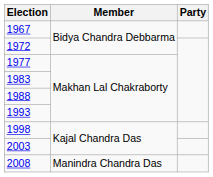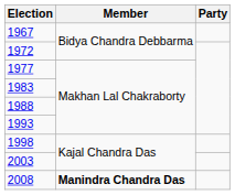 <table class="wikitable sortable">
 <tr>
 <th>Election</th>
 <th>Member</th>
 <th colspan=2>Party</th>
 </tr>
 <tr>
 <td><a href='#'>1967</a></td>
 <td rowspan=2>Bidya Chandra Debbarma</td>
 <td></td>
 </tr>
 <tr>
 <td><a href='#'>1972</a></td>
 </tr>
 <tr>
 <td><a href='#'>1977</a></td>
 <td rowspan=4>Makhan Lal Chakraborty</td>
 </tr>
 <tr>
 <td><a href='#'>1983</a></td>
 </tr>
 <tr>
 <td><a href='#'>1988</a></td>
 </tr>
 <tr>
 <td><a href='#'>1993</a></td>
 </tr>
 <tr>
 <td><a href='#'>1998</a></td>
 <td rowspan=2>Kajal Chandra Das</td>
 <td></td>
 </tr>
 <tr>
 <td><a href='#'>2003</a></td>
 <td></td>
 </tr>
 <tr>
 <td><a href='#'>2008</a></td>
-<td>Manindra Chandra Das</td>
+<td><strong>Manindra Chandra Das</strong></td>
 <td></td>
 </tr>
 </table>
